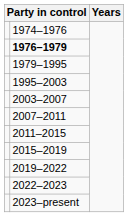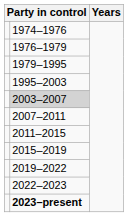 <table class="wikitable">
 <tr>
 <th colspan=2>Party in control</th>
 <th>Years</th>
 </tr>
 <tr>
 <td></td>
 <td>1974–1976</td>
 </tr>
 <tr>
 <td></td>
-<td><strong>1976–1979</strong></td>
+<td>1976–1979</td>
 </tr>
 <tr>
 <td></td>
 <td>1979–1995</td>
 </tr>
 <tr>
 <td></td>
 <td>1995–2003</td>
 </tr>
 <tr>
 <td></td>
-<td>2003–2007</td>
+<td style="background: lightgrey;">2003–2007</td>
 </tr>
 <tr>
 <td></td>
 <td>2007–2011</td>
 </tr>
 <tr>
 <td></td>
 <td>2011–2015</td>
 </tr>
 <tr>
 <td></td>
 <td>2015–2019</td>
 </tr>
 <tr>
 <td></td>
 <td>2019–2022</td>
 </tr>
 <tr>
 <td></td>
 <td>2022–2023</td>
 </tr>
 <tr>
 <td></td>
-<td>2023–present</td>
+<td><strong>2023–present</strong></td>
 </tr>
 </table>
